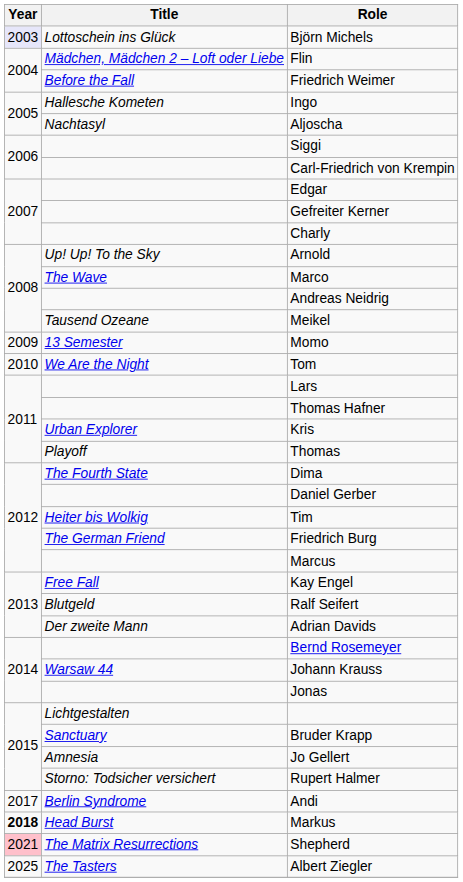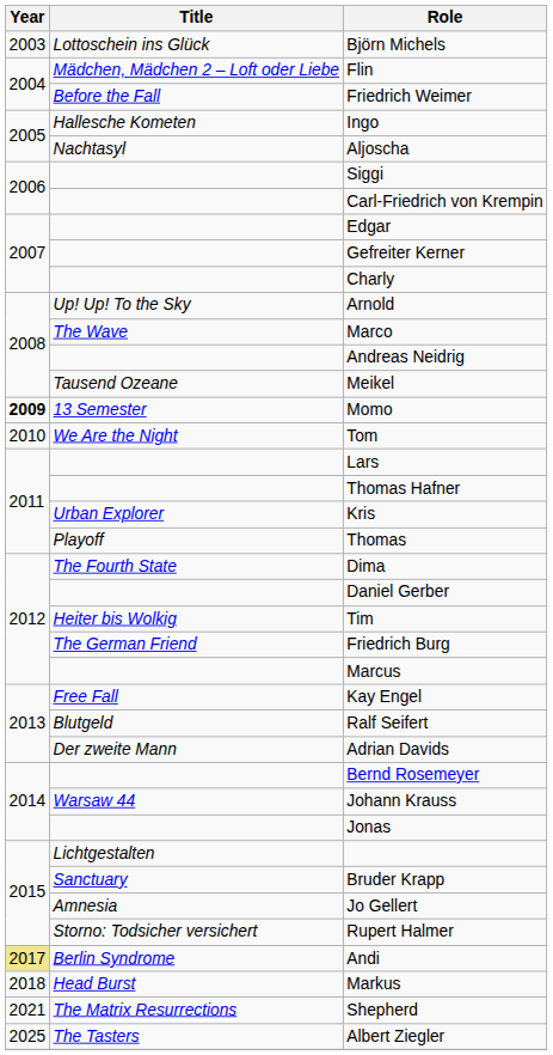 <table class="wikitable sortable">
 <tr>
 <th>Year</th>
 <th>Title</th>
 <th>Role</th>
 </tr>
 <tr>
-<td style="background: lavender;">2003</td>
+<td>2003</td>
 <td><em>Lottoschein ins Glück</em></td>
 <td>Björn Michels</td>
 </tr>
 <tr>
 <td rowspan="2">2004</td>
 <td><em><a href='#'>Mädchen, Mädchen 2 – Loft oder Liebe</a></em></td>
 <td>Flin</td>
 </tr>
 <tr>
 <td><em><a href='#'>Before the Fall</a></em></td>
 <td>Friedrich Weimer</td>
 </tr>
 <tr>
 <td rowspan="2">2005</td>
 <td><em>Hallesche Kometen</em></td>
 <td>Ingo</td>
 </tr>
 <tr>
 <td><em>Nachtasyl</em></td>
 <td>Aljoscha</td>
 </tr>
 <tr>
 <td rowspan="2">2006</td>
 <td><em></em></td>
 <td>Siggi</td>
 </tr>
 <tr>
 <td><em></em></td>
 <td>Carl-Friedrich von Krempin</td>
 </tr>
 <tr>
 <td rowspan="3">2007</td>
 <td><em></em></td>
 <td>Edgar</td>
 </tr>
 <tr>
 <td><em></em></td>
 <td>Gefreiter Kerner</td>
 </tr>
 <tr>
 <td><em></em></td>
 <td>Charly</td>
 </tr>
 <tr>
 <td rowspan="4">2008</td>
 <td><em>Up! Up! To the Sky</em></td>
 <td>Arnold</td>
 </tr>
 <tr>
 <td><em><a href='#'>The Wave</a></em></td>
 <td>Marco</td>
 </tr>
 <tr>
 <td><em></em></td>
 <td>Andreas Neidrig</td>
 </tr>
 <tr>
 <td><em>Tausend Ozeane</em></td>
 <td>Meikel</td>
 </tr>
 <tr>
-<td>2009</td>
+<td><strong>2009</strong></td>
 <td><em><a href='#'>13 Semester</a></em></td>
 <td>Momo</td>
 </tr>
 <tr>
 <td>2010</td>
 <td><em><a href='#'>We Are the Night</a></em></td>
 <td>Tom</td>
 </tr>
 <tr>
 <td rowspan="4">2011</td>
 <td><em></em></td>
 <td>Lars</td>
 </tr>
 <tr>
 <td><em></em></td>
 <td>Thomas Hafner</td>
 </tr>
 <tr>
 <td><em><a href='#'>Urban Explorer</a></em></td>
 <td>Kris</td>
 </tr>
 <tr>
 <td><em>Playoff</em></td>
 <td>Thomas</td>
 </tr>
 <tr>
 <td rowspan="5">2012</td>
 <td><em><a href='#'>The Fourth State</a></em></td>
 <td>Dima</td>
 </tr>
 <tr>
 <td><em></em></td>
 <td>Daniel Gerber</td>
 </tr>
 <tr>
 <td><em><a href='#'>Heiter bis Wolkig</a></em></td>
 <td>Tim</td>
 </tr>
 <tr>
 <td><em><a href='#'>The German Friend</a></em></td>
 <td>Friedrich Burg</td>
 </tr>
 <tr>
 <td><em></em></td>
 <td>Marcus</td>
 </tr>
 <tr>
 <td rowspan="3">2013</td>
 <td><em><a href='#'>Free Fall</a></em></td>
 <td>Kay Engel</td>
 </tr>
 <tr>
 <td><em>Blutgeld</em></td>
 <td>Ralf Seifert</td>
 </tr>
 <tr>
 <td><em>Der zweite Mann</em></td>
 <td>Adrian Davids</td>
 </tr>
 <tr>
 <td rowspan="3">2014</td>
 <td><em></em></td>
 <td><a href='#'>Bernd Rosemeyer</a></td>
 </tr>
 <tr>
 <td><em><a href='#'>Warsaw 44</a></em></td>
 <td>Johann Krauss</td>
 </tr>
 <tr>
 <td><em></em></td>
 <td>Jonas</td>
 </tr>
 <tr>
 <td rowspan="4">2015</td>
 <td><em>Lichtgestalten</em></td>
 <td></td>
 </tr>
 <tr>
 <td><em><a href='#'>Sanctuary</a></em></td>
 <td>Bruder Krapp</td>
 </tr>
 <tr>
 <td><em>Amnesia</em></td>
 <td>Jo Gellert</td>
 </tr>
 <tr>
 <td><em>Storno: Todsicher versichert</em></td>
 <td>Rupert Halmer</td>
 </tr>
 <tr>
-<td>2017</td>
+<td style="background: khaki;">2017</td>
 <td><em><a href='#'>Berlin Syndrome</a></em></td>
 <td>Andi</td>
 </tr>
 <tr>
-<td><strong>2018</strong></td>
+<td>2018</td>
 <td><em><a href='#'>Head Burst</a></em></td>
 <td>Markus</td>
 </tr>
 <tr>
-<td style="background: pink;">2021</td>
+<td>2021</td>
 <td><em><a href='#'>The Matrix Resurrections</a></em></td>
 <td>Shepherd</td>
 </tr>
 <tr>
 <td>2025</td>
 <td><em><a href='#'>The Tasters</a></em></td>
 <td>Albert Ziegler</td>
 </tr>
 <tr>
 </tr>
 </table>
